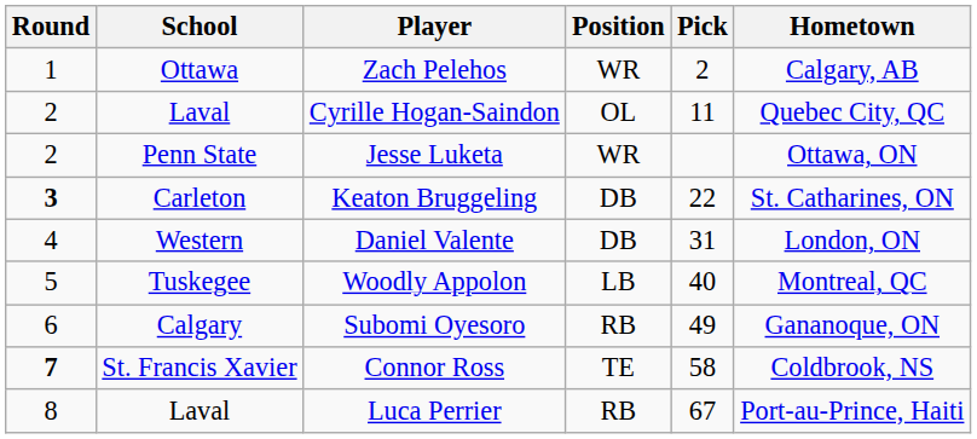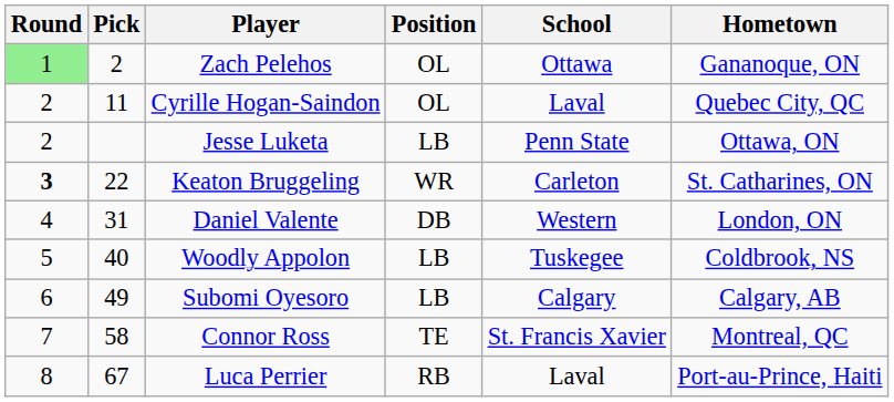 <table class="wikitable sortable">
 <tr>
 <th scope="col">Round</th>
-<th scope="col">School</th>
+<th scope="col">Pick</th>
 <th scope="col">Player</th>
 <th scope="col">Position</th>
-<th scope="col">Pick</th>
+<th scope="col">School</th>
 <th scope="col">Hometown</th>
 </tr>
 <tr align="center">
-<td align=center>1</td>
+<td align=center style="background: lightgreen;">1</td>
+<td>2</td>
+<td><a href='#'>Zach Pelehos</a></td>
+<td>OL</td>
 <td><a href='#'>Ottawa</a></td>
-<td><a href='#'>Zach Pelehos</a></td>
-<td>WR</td>
-<td>2</td>
-<td><a href='#'>Calgary, AB</a></td>
+<td><a href='#'>Gananoque, ON</a></td>
 </tr>
 <tr align="center">
 <td align=center>2</td>
-<td><a href='#'>Laval</a></td>
+<td>11</td>
 <td><a href='#'>Cyrille Hogan-Saindon</a></td>
 <td>OL</td>
-<td>11</td>
+<td><a href='#'>Laval</a></td>
 <td><a href='#'>Quebec City, QC</a></td>
 </tr>
 <tr align="center">
 <td align=center>2</td>
+<td></td>
+<td><a href='#'>Jesse Luketa</a></td>
+<td>LB</td>
 <td><a href='#'>Penn State</a></td>
-<td><a href='#'>Jesse Luketa</a></td>
-<td>WR</td>
-<td></td>
 <td><a href='#'>Ottawa, ON</a></td>
 </tr>
 <tr align="center">
 <td align=center><strong>3</strong></td>
+<td>22</td>
+<td><a href='#'>Keaton Bruggeling</a></td>
+<td>WR</td>
 <td><a href='#'>Carleton</a></td>
-<td><a href='#'>Keaton Bruggeling</a></td>
-<td>DB</td>
-<td>22</td>
 <td><a href='#'>St. Catharines, ON</a></td>
 </tr>
 <tr align="center">
 <td align=center>4</td>
-<td><a href='#'>Western</a></td>
+<td>31</td>
 <td><a href='#'>Daniel Valente</a></td>
 <td>DB</td>
-<td>31</td>
+<td><a href='#'>Western</a></td>
 <td><a href='#'>London, ON</a></td>
 </tr>
 <tr align="center">
 <td align=center>5</td>
-<td><a href='#'>Tuskegee</a></td>
+<td>40</td>
 <td><a href='#'>Woodly Appolon</a></td>
 <td>LB</td>
-<td>40</td>
+<td><a href='#'>Tuskegee</a></td>
+<td><a href='#'>Coldbrook, NS</a></td>
+</tr>
+<tr align="center">
+<td align=center>6</td>
+<td>49</td>
+<td><a href='#'>Subomi Oyesoro</a></td>
+<td>LB</td>
+<td><a href='#'>Calgary</a></td>
+<td><a href='#'>Calgary, AB</a></td>
+</tr>
+<tr align="center">
+<td align=center>7</td>
+<td>58</td>
+<td><a href='#'>Connor Ross</a></td>
+<td>TE</td>
+<td><a href='#'>St. Francis Xavier</a></td>
 <td><a href='#'>Montreal, QC</a></td>
 </tr>
 <tr align="center">
-<td align=center>6</td>
-<td><a href='#'>Calgary</a></td>
-<td><a href='#'>Subomi Oyesoro</a></td>
-<td>RB</td>
-<td>49</td>
-<td><a href='#'>Gananoque, ON</a></td>
-</tr>
-<tr align="center">
-<td align=center><strong>7</strong></td>
-<td><a href='#'>St. Francis Xavier</a></td>
-<td><a href='#'>Connor Ross</a></td>
-<td>TE</td>
-<td>58</td>
-<td><a href='#'>Coldbrook, NS</a></td>
-</tr>
-<tr align="center">
 <td align=center>8</td>
-<td>Laval</td>
+<td>67</td>
 <td><a href='#'>Luca Perrier</a></td>
 <td>RB</td>
-<td>67</td>
+<td>Laval</td>
 <td><a href='#'>Port-au-Prince, Haiti</a></td>
 </tr>
 </table>
